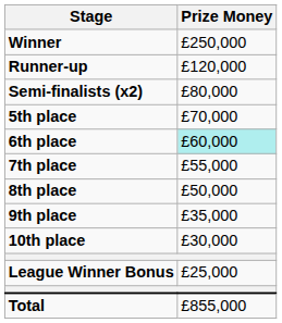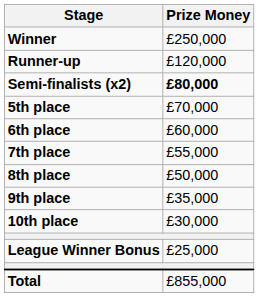 <table class="wikitable">
 <tr>
 <th>Stage</th>
 <th>Prize Money</th>
 </tr>
 <tr>
 <td><strong>Winner</strong></td>
 <td>£250,000</td>
 </tr>
 <tr>
 <td><strong>Runner-up</strong></td>
 <td>£120,000</td>
 </tr>
 <tr>
 <td><strong>Semi-finalists (x2)</strong></td>
-<td>£80,000</td>
+<td><strong>£80,000</strong></td>
 </tr>
 <tr>
 <td><strong>5th place</strong></td>
 <td>£70,000</td>
 </tr>
 <tr>
 <td><strong>6th place</strong></td>
-<td style="background: paleturquoise;">£60,000</td>
+<td>£60,000</td>
 </tr>
 <tr>
 <td><strong>7th place</strong></td>
 <td>£55,000</td>
 </tr>
 <tr>
 <td><strong>8th place</strong></td>
 <td>£50,000</td>
 </tr>
 <tr>
 <td><strong>9th place</strong></td>
 <td>£35,000</td>
 </tr>
 <tr>
 <td><strong>10th place</strong></td>
 <td>£30,000</td>
 </tr>
 <tr>
 <th colspan=3></th>
 </tr>
 <tr>
 <td><strong>League Winner Bonus</strong></td>
 <td>£25,000</td>
 </tr>
 <tr>
 <th colspan=3></th>
 </tr>
 <tr style="border-top:2px solid black;">
 <td><strong>Total</strong></td>
 <td>£855,000</td>
 </tr>
 </table>
